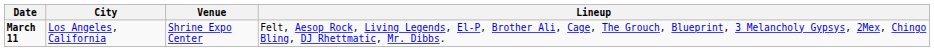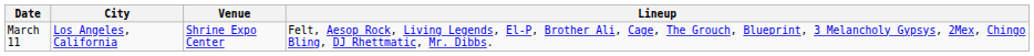 <table class="wikitable">
 <tr>
 <th width=50px>Date</th>
 <th colspan=12>City</th>
 <th colspan=12>Venue</th>
 <th colspan=12>Lineup</th>
 </tr>
 <tr>
-<td><strong>March 11</strong></td>
+<td>March 11</td>
 <td colspan=12><a href='#'>Los Angeles</a>, <a href='#'>California</a></td>
 <td colspan=12><a href='#'>Shrine Expo Center</a></td>
 <td colspan=12>Felt, <a href='#'>Aesop Rock</a>, <a href='#'>Living Legends</a>, <a href='#'>El-P</a>, <a href='#'>Brother Ali</a>, <a href='#'>Cage</a>, <a href='#'>The Grouch</a>, <a href='#'>Blueprint</a>, <a href='#'>3 Melancholy Gypsys</a>, <a href='#'>2Mex</a>, <a href='#'>Chingo Bling</a>, <a href='#'>DJ Rhettmatic</a>, <a href='#'>Mr. Dibbs</a>.</td>
 </tr>
 </table>
